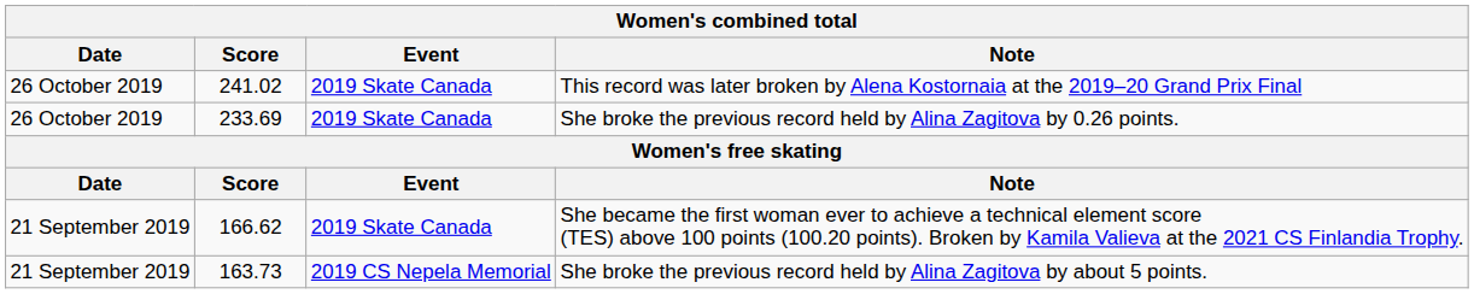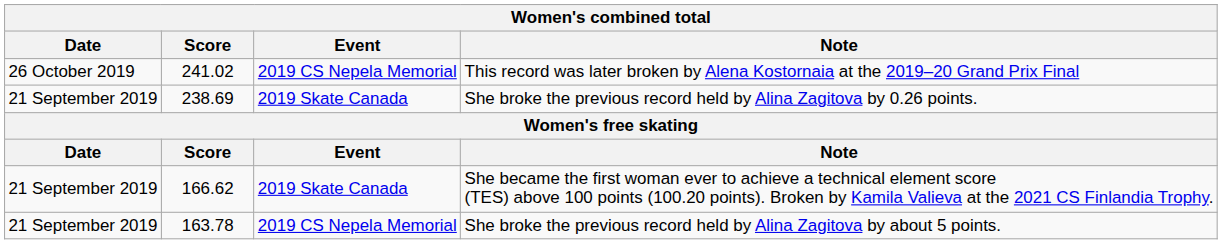 <table class="wikitable sortable">
 <tr>
 <th colspan=4 align=center>Women's combined total</th>
 </tr>
 <tr>
 <th>Date</th>
 <th style="width:80px;">Score</th>
 <th>Event</th>
 <th>Note</th>
 </tr>
 <tr>
 <td>26 October 2019</td>
 <td style="text-align:center;">241.02</td>
-<td><a href='#'>2019 Skate Canada</a></td>
+<td><a href='#'>2019 CS Nepela Memorial</a></td>
 <td>This record was later broken by <a href='#'>Alena Kostornaia</a> at the <a href='#'>2019–20 Grand Prix Final</a></td>
 </tr>
 <tr>
-<td>26 October 2019</td>
-<td style="text-align:center;">233.69</td>
+<td>21 September 2019</td>
+<td style="text-align:center;">238.69</td>
 <td><a href='#'>2019 Skate Canada</a></td>
 <td>She broke the previous record held by <a href='#'>Alina Zagitova</a> by 0.26 points.</td>
 </tr>
 <tr>
 <th colspan=4 align=center>Women's free skating</th>
 </tr>
 <tr>
 <th>Date</th>
 <th style="width:80px;">Score</th>
 <th>Event</th>
 <th>Note</th>
 </tr>
 <tr>
 <td>21 September 2019</td>
 <td style="text-align:center;">166.62</td>
 <td><a href='#'>2019 Skate Canada</a></td>
 <td>She became the first woman ever to achieve a technical element score <br> (TES) above 100 points (100.20 points). Broken by <a href='#'>Kamila Valieva</a> at the <a href='#'>2021 CS Finlandia Trophy</a>.</td>
 </tr>
 <tr>
 <td>21 September 2019</td>
-<td style="text-align:center;">163.73</td>
+<td style="text-align:center;">163.78</td>
 <td><a href='#'>2019 CS Nepela Memorial</a></td>
 <td>She broke the previous record held by <a href='#'>Alina Zagitova</a> by about 5 points.</td>
 </tr>
 </table>
